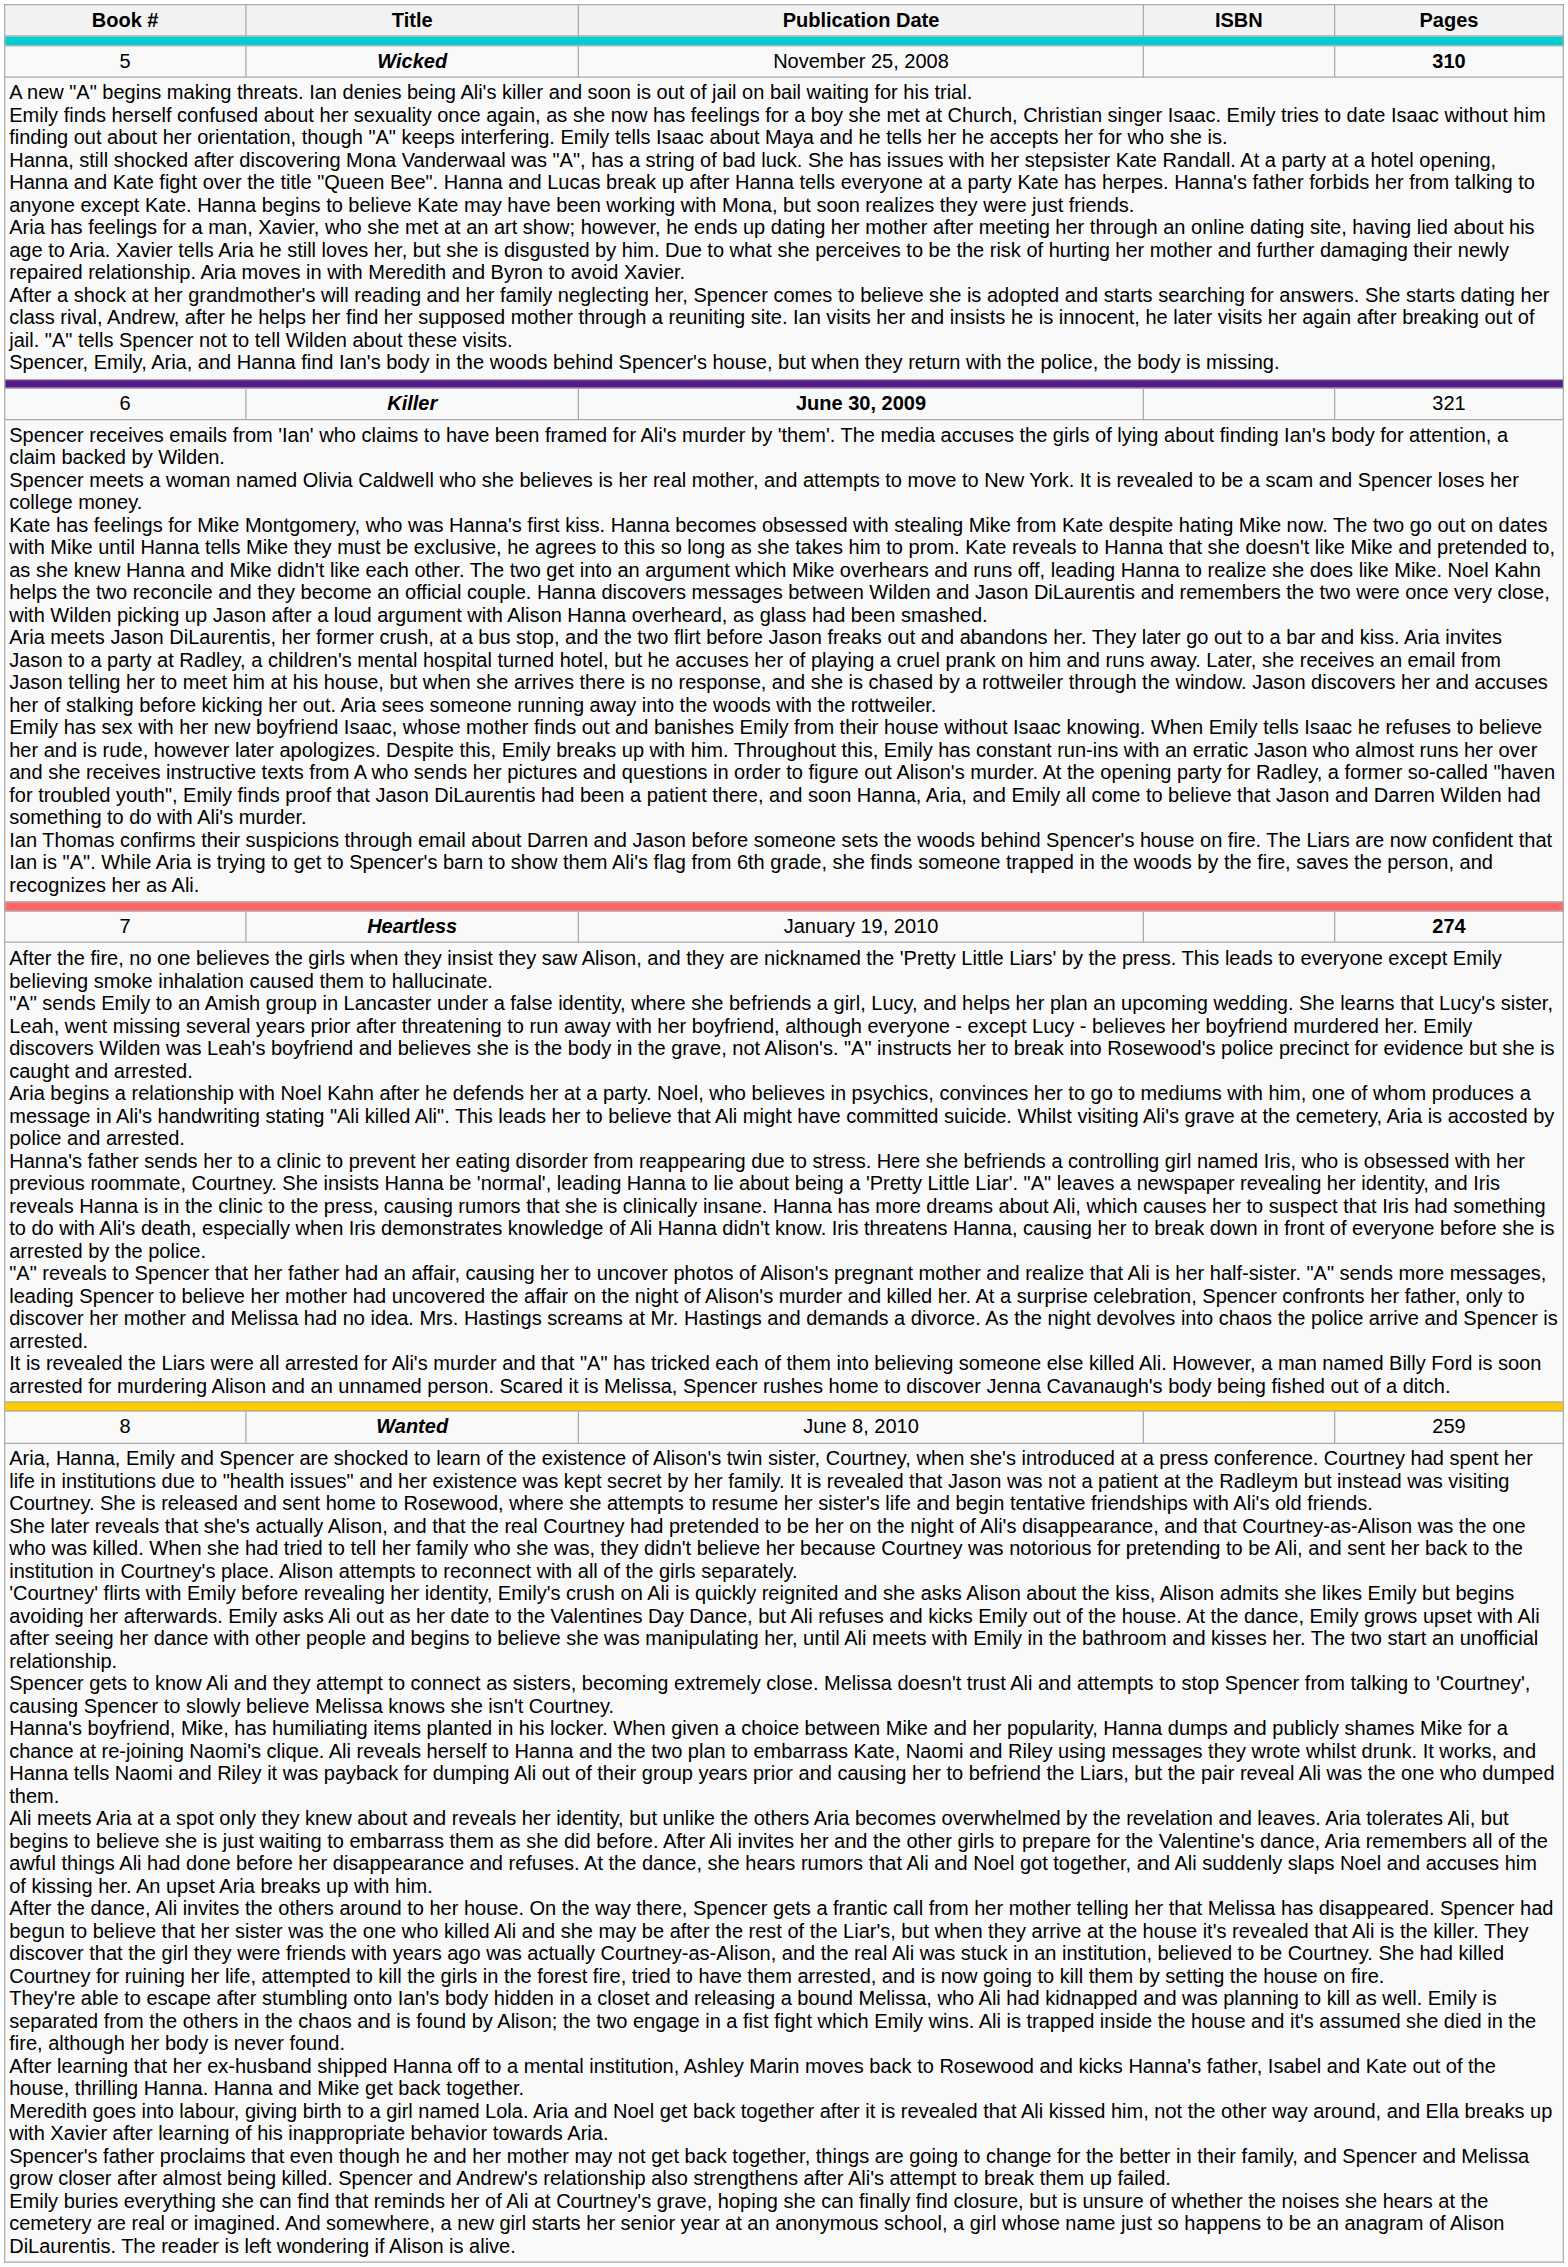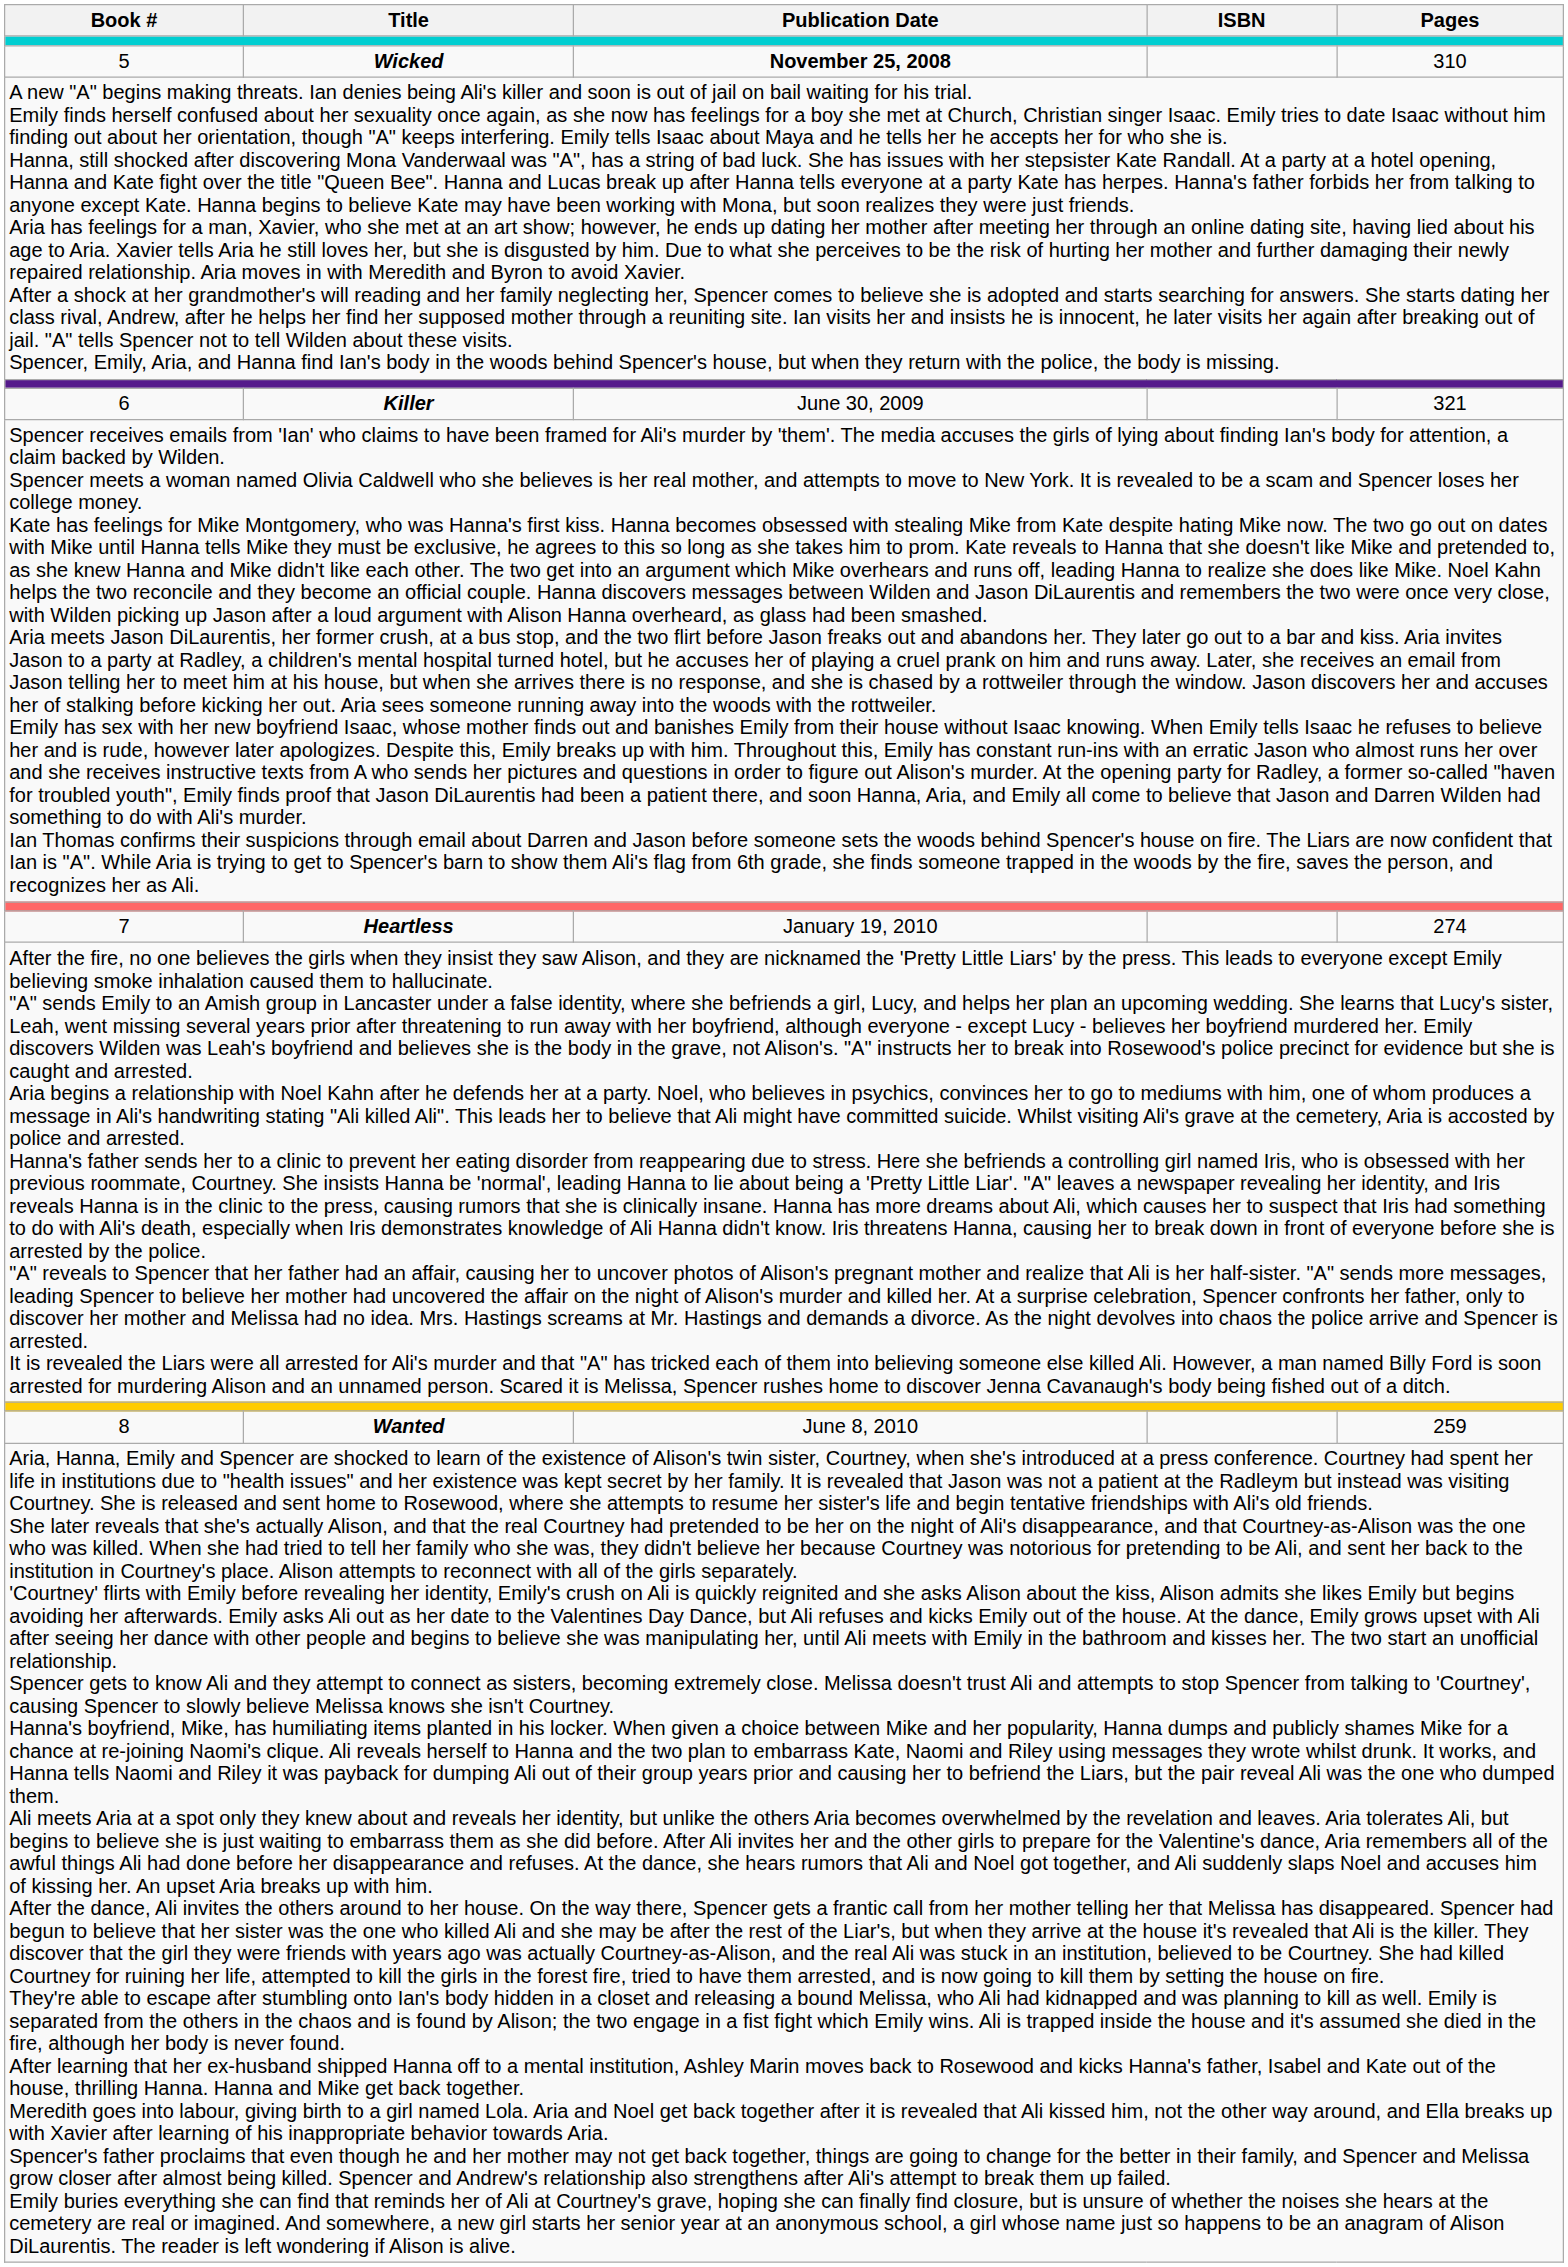 <table class="wikitable" style="background-color:#FFFFF">
 <tr style="color:black">
 <th>Book #</th>
 <th>Title</th>
 <th>Publication Date</th>
 <th>ISBN</th>
 <th>Pages</th>
 </tr>
 <tr>
 <td colspan="6" bgcolor="#00CED1"></td>
 </tr>
 <tr>
 <td align="center">5</td>
 <td align="center"><strong><em>Wicked</em></strong></td>
-<td align="center">November 25, 2008</td>
+<td align="center"><strong>November 25, 2008</strong></td>
 <td align="center"></td>
-<td align="center"><strong>310</strong></td>
+<td align="center">310</td>
 </tr>
 <tr>
 <td colspan="6">A new "A" begins making threats. Ian denies being Ali's killer and soon is out of jail on bail waiting for his trial.<br>Emily finds herself confused about her sexuality once again, as she now has feelings for a boy she met at Church, Christian singer Isaac. Emily tries to date Isaac without him finding out about her orientation, though "A" keeps interfering. Emily tells Isaac about Maya and he tells her  he accepts her for who she is.<br>Hanna, still shocked after discovering Mona Vanderwaal was "A", has a string of bad luck. She has issues with her stepsister Kate Randall. At a party at a hotel opening, Hanna and Kate fight over the title "Queen Bee". Hanna and Lucas break up after Hanna tells everyone at a party Kate has herpes. Hanna's father forbids her from talking to anyone except Kate. Hanna begins to believe Kate may have been working with Mona, but soon realizes they were just friends.<br>Aria has feelings for a man, Xavier, who she met at an art show; however, he ends up dating her mother after meeting her through an online dating site, having lied about his age to Aria. Xavier tells Aria he still loves her, but she is disgusted by him. Due to what she perceives to be the risk of hurting her mother and further damaging their newly repaired relationship. Aria moves in with Meredith and Byron to avoid Xavier.<br>After a shock at her grandmother's will reading and her family neglecting her, Spencer comes to believe she is adopted and starts searching for answers. She starts dating her class rival, Andrew, after he helps her find her supposed mother through a reuniting site. Ian visits her and insists he is innocent, he later visits her again after breaking out of jail. "A" tells Spencer not to tell Wilden about these visits.<br>Spencer, Emily, Aria, and Hanna find Ian's body in the woods behind Spencer's house, but when they return with the police, the body is missing.</td>
 </tr>
 <tr>
 <td colspan="6" bgcolor="#551A8B"></td>
 </tr>
 <tr>
 <td align="center">6</td>
 <td align="center"><strong><em>Killer</em></strong></td>
-<td align="center"><strong>June 30, 2009</strong></td>
+<td align="center">June 30, 2009</td>
 <td align="center"></td>
 <td align="center">321</td>
 </tr>
 <tr>
 <td colspan="6">Spencer receives emails from 'Ian' who claims to have been framed for Ali's murder by 'them'.  The media accuses the girls of lying about finding Ian's body for attention, a claim backed by Wilden.<br>Spencer meets a woman named Olivia Caldwell who she believes is her real mother, and attempts to move to New York. It is revealed to be a scam and Spencer loses her college money.<br>Kate has feelings for Mike Montgomery, who was Hanna's first kiss. Hanna becomes obsessed with stealing Mike from Kate despite hating Mike now. The two go out on dates with Mike until Hanna tells Mike they must be exclusive, he agrees to this so long as she takes him to prom. Kate reveals to Hanna that she doesn't like Mike and pretended to, as she knew Hanna and Mike didn't like each other. The two get into an argument which Mike overhears and runs off, leading Hanna to realize she does like Mike. Noel Kahn helps the two reconcile and they become an official couple. Hanna discovers messages between Wilden and Jason DiLaurentis and remembers the two were once very close, with Wilden picking up Jason after a loud argument with Alison Hanna overheard, as glass had been smashed.<br>Aria meets Jason DiLaurentis, her former crush, at a bus stop, and the two flirt before Jason freaks out and abandons her. They later go out to a bar  and kiss. Aria invites Jason to a party at Radley, a children's mental hospital turned hotel, but he accuses her of playing a cruel prank on him and runs away. Later, she receives an email from Jason telling her to meet him at his house, but when she arrives there is no response, and she is chased by a rottweiler through the window. Jason discovers her and accuses her of stalking before kicking her out. Aria sees someone running away into the woods with the rottweiler.<br>Emily has sex with her new boyfriend Isaac, whose mother finds out and banishes Emily from their house without Isaac knowing. When Emily tells Isaac he refuses to believe her and is rude, however later apologizes. Despite this, Emily breaks up with him. Throughout this, Emily has constant run-ins with an erratic Jason who almost runs her over and she receives instructive texts from A who sends her pictures and questions in order to figure out Alison's murder. At the opening party for Radley, a former so-called "haven for troubled youth", Emily finds proof that Jason DiLaurentis had been a patient there, and soon Hanna, Aria, and Emily all come to believe that Jason and Darren Wilden had something to do with Ali's murder.<br>Ian Thomas confirms their suspicions through email about Darren and Jason  before someone sets the woods behind Spencer's house on fire. The Liars are now confident that Ian is "A". While Aria is trying to get to Spencer's barn to show them Ali's flag from 6th grade, she finds someone trapped in the woods by the fire, saves the person, and recognizes her as Ali.</td>
 </tr>
 <tr>
 <td colspan="6" bgcolor="#FF6666"></td>
 </tr>
 <tr>
 <td align="center">7</td>
 <td align="center"><strong><em>Heartless</em></strong></td>
 <td align="center">January 19, 2010</td>
 <td align="center"></td>
-<td align="center"><strong>274</strong></td>
+<td align="center">274</td>
 </tr>
 <tr>
 <td colspan="6">After the fire, no one believes the girls when they insist they saw Alison, and they are nicknamed the 'Pretty Little Liars' by the press. This leads to everyone except Emily believing smoke inhalation caused them to hallucinate.<br>"A" sends Emily to an Amish group in Lancaster under a false identity, where she befriends a girl, Lucy, and helps her plan an upcoming wedding. She learns that Lucy's sister, Leah, went missing several years prior after threatening to run away with her boyfriend, although everyone - except Lucy - believes her boyfriend murdered her. Emily discovers Wilden was Leah's boyfriend and believes she is the body in the grave, not Alison's. "A" instructs her to break into Rosewood's police precinct for evidence but she is caught and arrested.<br>Aria begins a relationship with Noel Kahn after he defends her at a party. Noel, who believes in psychics, convinces her to go to mediums with him, one of whom produces a message in Ali's handwriting stating  "Ali killed Ali". This leads her to believe that Ali might have committed suicide. Whilst visiting Ali's grave at the cemetery, Aria is accosted by police and arrested.<br>Hanna's father sends her to a clinic to prevent her eating disorder from reappearing due to stress. Here she befriends a controlling girl named Iris, who is obsessed with her previous roommate, Courtney. She insists Hanna be 'normal', leading Hanna to lie about being a 'Pretty Little Liar'. "A" leaves a newspaper revealing her identity, and Iris reveals Hanna is in the clinic to the press, causing rumors that she is clinically insane. Hanna has more dreams about Ali, which causes her to suspect that Iris had something to do with Ali's death, especially when Iris demonstrates knowledge of Ali Hanna didn't know. Iris threatens Hanna, causing her to break down in front of everyone before she is arrested by the police.<br>"A" reveals to Spencer that her father had an affair, causing her to uncover photos of Alison's pregnant mother and realize that Ali is her half-sister. "A" sends more messages, leading Spencer to believe her mother had uncovered the affair on the night of Alison's murder and killed her. At a surprise celebration, Spencer confronts her father, only to discover her mother and Melissa had no idea. Mrs. Hastings screams at Mr. Hastings and demands a divorce. As the night devolves into chaos the police arrive and Spencer is arrested.<br>It is revealed the Liars were all arrested for Ali's murder and that "A" has tricked each of them into believing someone else killed Ali. However, a man named Billy Ford is soon arrested for murdering Alison and an unnamed person. Scared it is Melissa, Spencer rushes home to discover Jenna Cavanaugh's body being fished out of a ditch.</td>
 </tr>
 <tr>
 <td colspan="6" bgcolor="#FFCC00"></td>
 </tr>
 <tr>
 <td align="center">8</td>
 <td align="center"><strong><em>Wanted</em></strong></td>
 <td align="center">June 8, 2010</td>
 <td align="center"></td>
 <td align="center">259</td>
 </tr>
 <tr>
 <td colspan="6">Aria, Hanna, Emily and Spencer are shocked to learn of the existence of Alison's twin sister, Courtney, when she's introduced at a press conference. Courtney had spent her life in institutions due to "health issues" and her existence was kept secret by her family. It is revealed that Jason was not a patient at the Radleym but instead was visiting Courtney. She is  released and sent home to Rosewood, where she attempts to resume her sister's life and begin tentative friendships with Ali's old friends.<br>She later reveals that she's actually Alison, and that the real Courtney had pretended to be her on the night of Ali's disappearance, and that Courtney-as-Alison was the one who was killed. When she had tried to tell her family who she was, they didn't believe her because Courtney was notorious for pretending to be Ali, and sent her back to the institution in Courtney's place. Alison attempts to reconnect with all of the girls separately.<br>'Courtney' flirts with Emily before revealing her identity, Emily's crush on Ali is quickly reignited and she asks Alison about the kiss, Alison admits she likes Emily but begins avoiding her afterwards. Emily asks Ali out as her date to the Valentines Day Dance, but Ali refuses and kicks Emily out of the house. At the dance, Emily grows upset with Ali after seeing her dance with other people and begins to believe she was manipulating her, until Ali meets with Emily in the bathroom and kisses her. The two start an unofficial relationship.<br>Spencer gets to know Ali and they attempt to connect as sisters, becoming extremely close. Melissa doesn't trust Ali and attempts to stop Spencer from talking to 'Courtney', causing Spencer to slowly believe Melissa knows she isn't Courtney.<br>Hanna's boyfriend, Mike, has humiliating items planted in his locker. When given a choice between Mike and her popularity, Hanna dumps and publicly shames Mike for a chance at re-joining Naomi's clique. Ali reveals herself to Hanna and the two plan to embarrass Kate, Naomi and Riley using messages they wrote whilst drunk. It works, and Hanna tells Naomi and Riley it was payback for dumping Ali out of their group years prior and causing her to befriend the Liars, but the pair reveal Ali was the one who dumped them.<br>Ali meets Aria at a spot only they knew about and reveals her identity, but unlike the others Aria becomes overwhelmed by the revelation and leaves. Aria tolerates Ali, but begins to believe she is just waiting to embarrass them as she did before. After Ali invites her and the other girls to prepare for the Valentine's dance, Aria remembers all of the awful things Ali had done before her disappearance and refuses. At the dance, she hears rumors that Ali and Noel got together, and Ali suddenly slaps Noel and accuses him of kissing her. An upset Aria breaks up with him.<br>After the dance, Ali invites the others around to her house. On the way there, Spencer gets a frantic call from her mother telling her that Melissa has disappeared. Spencer had begun to believe that her sister was the one who killed Ali and she may be after the rest of the Liar's, but when they arrive at the house it's revealed that Ali is the killer. They discover that the girl they were friends with years ago was actually Courtney-as-Alison, and the real Ali was stuck in an institution, believed to be Courtney. She had killed Courtney for ruining her life, attempted to kill the girls in the forest fire, tried to have them arrested, and is now going to kill them by setting the house on fire.<br>They're able to escape after stumbling onto Ian's body hidden in a closet and releasing a bound Melissa, who Ali had kidnapped and was planning to kill as well. Emily is separated from the others in the chaos and is found by Alison; the two engage in a fist fight which Emily wins. Ali is trapped inside the house and it's assumed she died in the fire, although her body is never found.<br>After learning that her ex-husband shipped Hanna off to a mental institution, Ashley Marin moves back to Rosewood and kicks Hanna's father, Isabel and Kate out of the house, thrilling Hanna. Hanna and Mike get back together.<br>Meredith goes into labour, giving birth to a girl named Lola. Aria and Noel get back together after it is revealed that Ali kissed him, not the other way around, and Ella breaks up with Xavier after learning of his inappropriate behavior towards Aria.<br>Spencer's father proclaims that even though he and her mother may not get back together, things are going to change for the better in their family, and Spencer and Melissa grow closer after almost being killed. Spencer and Andrew's relationship also strengthens after Ali's attempt to break them up failed.<br>Emily buries everything she can find that reminds her of Ali at Courtney's grave, hoping she can finally find closure, but is unsure of whether the noises she hears at the cemetery are real or imagined. And somewhere, a new girl starts her senior year at an anonymous school, a girl whose name just so happens to be an anagram of Alison DiLaurentis. The reader is left wondering if Alison is alive.</td>
 </tr>
 </table>
